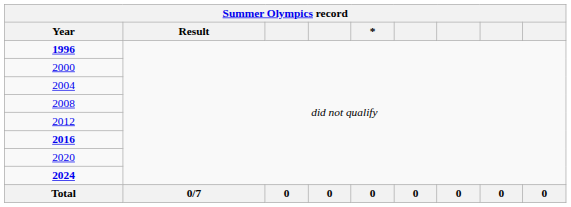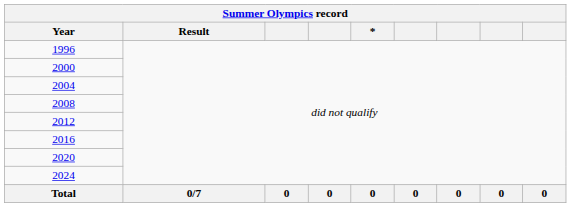 <table class="wikitable" style="text-align: center; width:50%;">
 <tr>
 <th colspan=10><a href='#'>Summer Olympics</a> record</th>
 </tr>
 <tr>
 <th>Year</th>
 <th>Result</th>
 <th></th>
 <th></th>
 <th>*</th>
 <th></th>
 <th></th>
 <th></th>
 <th></th>
 </tr>
 <tr>
-<td><strong> <a href='#'>1996</a></strong></td>
+<td> <a href='#'>1996</a></td>
 <td colspan=8 rowspan=8><em>did not qualify</em></td>
 </tr>
 <tr>
 <td> <a href='#'>2000</a></td>
 </tr>
 <tr>
 <td> <a href='#'>2004</a></td>
 </tr>
 <tr>
 <td> <a href='#'>2008</a></td>
 </tr>
 <tr>
 <td> <a href='#'>2012</a></td>
 </tr>
 <tr>
-<td><strong> <a href='#'>2016</a></strong></td>
+<td> <a href='#'>2016</a></td>
 </tr>
 <tr>
 <td> <a href='#'>2020</a></td>
 </tr>
 <tr>
-<td><strong> <a href='#'>2024</a></strong></td>
+<td> <a href='#'>2024</a></td>
 </tr>
 <tr>
 <th>Total</th>
 <th>0/7</th>
 <th>0</th>
 <th>0</th>
 <th>0</th>
 <th>0</th>
 <th>0</th>
 <th>0</th>
 <th>0</th>
 </tr>
 </table>
